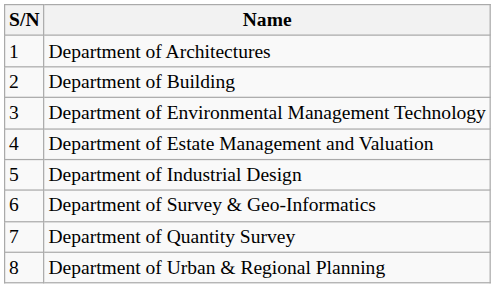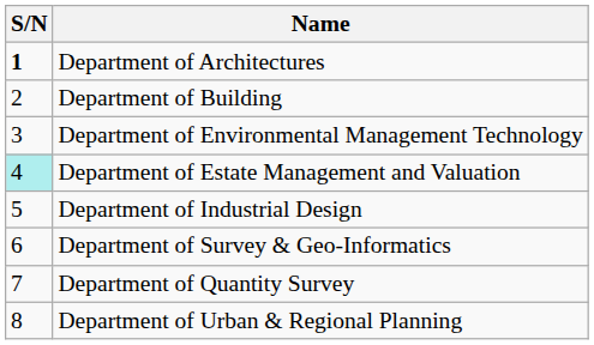 <table class="wikitable">
 <tr>
 <th>S/N</th>
 <th>Name</th>
 </tr>
 <tr>
-<td>1</td>
+<td><strong>1</strong></td>
 <td>Department of Architectures</td>
 </tr>
 <tr>
 <td>2</td>
 <td>Department of Building</td>
 </tr>
 <tr>
 <td>3</td>
 <td>Department of Environmental Management Technology</td>
 </tr>
 <tr>
-<td>4</td>
+<td style="background: paleturquoise;">4</td>
 <td>Department of Estate Management and Valuation</td>
 </tr>
 <tr>
 <td>5</td>
 <td>Department of Industrial Design</td>
 </tr>
 <tr>
 <td>6</td>
 <td>Department of Survey & Geo-Informatics</td>
 </tr>
 <tr>
 <td>7</td>
 <td>Department of Quantity Survey</td>
 </tr>
 <tr>
 <td>8</td>
 <td>Department of Urban & Regional Planning</td>
 </tr>
 </table>
